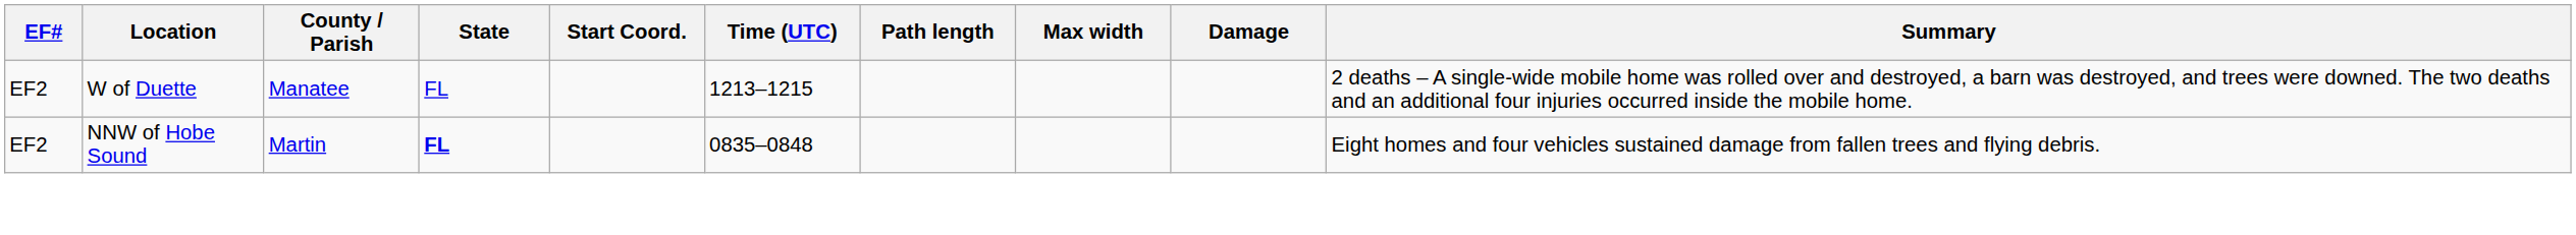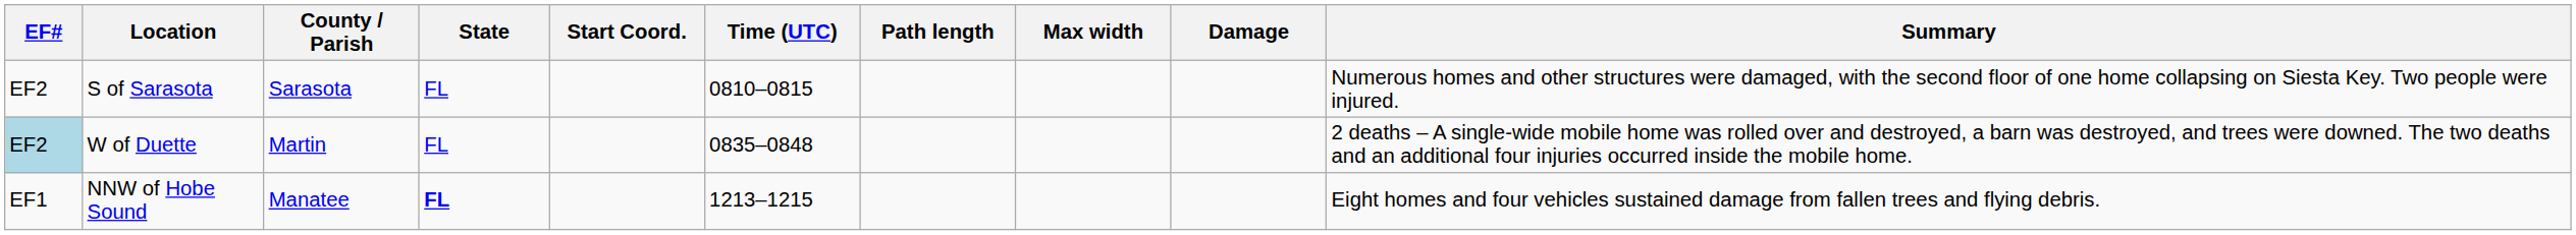 <table class="wikitable sortable" style="width:100%;">
 <tr>
 <th scope="col"  style="width:3%; text-align:center;"><a href='#'>EF#</a></th>
 <th scope="col"  style="width:7%; text-align:center;" class="unsortable">Location</th>
 <th scope="col"  style="width:6%; text-align:center;" class="unsortable">County / Parish</th>
 <th scope="col"  style="width:5%; text-align:center;">State</th>
 <th scope="col"  style="width:6%; text-align:center;">Start Coord.</th>
 <th scope="col"  style="width:6%; text-align:center;">Time (<a href='#'>UTC</a>)</th>
 <th scope="col"  style="width:6%; text-align:center;">Path length</th>
 <th scope="col"  style="width:6%; text-align:center;">Max width</th>
 <th scope="col"  style="width:6%; text-align:center;">Damage</th>
 <th scope="col" class="unsortable" style="width:48%; text-align:center;">Summary</th>
 </tr>
 <tr>
 <td>EF2</td>
-<td>W of <a href='#'>Duette</a></td>
-<td><a href='#'>Manatee</a></td>
+<td>S of <a href='#'>Sarasota</a></td>
+<td><a href='#'>Sarasota</a></td>
 <td><a href='#'>FL</a></td>
 <td></td>
-<td>1213–1215</td>
+<td>0810–0815</td>
+<td></td>
+<td></td>
+<td></td>
+<td>Numerous homes and other structures were damaged, with the second floor of one home collapsing on Siesta Key. Two people were injured.</td>
+</tr>
+<tr>
+<td style="background: lightblue;">EF2</td>
+<td>W of <a href='#'>Duette</a></td>
+<td><a href='#'>Martin</a></td>
+<td><a href='#'>FL</a></td>
+<td></td>
+<td>0835–0848</td>
 <td></td>
 <td></td>
 <td></td>
 <td>2 deaths – A single-wide mobile home was rolled over and destroyed, a  barn was destroyed, and trees were downed. The two deaths and an additional four injuries occurred inside the mobile home.</td>
 </tr>
 <tr>
-<td>EF2</td>
+<td>EF1</td>
 <td>NNW of <a href='#'>Hobe Sound</a></td>
-<td><a href='#'>Martin</a></td>
+<td><a href='#'>Manatee</a></td>
 <td><strong><a href='#'>FL</a></strong></td>
 <td></td>
-<td>0835–0848</td>
+<td>1213–1215</td>
 <td></td>
 <td></td>
 <td></td>
 <td>Eight homes and four vehicles sustained damage from fallen trees and flying debris.</td>
 </tr>
 </table>
